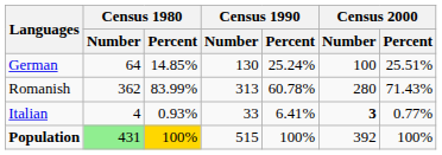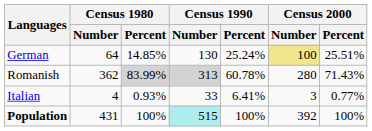 <table class="wikitable">
 <tr ---->
 <th rowspan="2">Languages</th>
 <th colspan="2">Census 1980</th>
 <th colspan="2">Census 1990</th>
 <th colspan="2">Census 2000</th>
 </tr>
 <tr ---->
 <th>Number</th>
 <th>Percent</th>
 <th>Number</th>
 <th>Percent</th>
 <th>Number</th>
 <th>Percent</th>
 </tr>
 <tr ---->
 <td><a href='#'>German</a></td>
 <td align=right>64</td>
 <td align=right>14.85%</td>
 <td align=right>130</td>
 <td align=right>25.24%</td>
-<td align=right>100</td>
+<td align=right style="background: khaki;">100</td>
 <td align=right>25.51%</td>
 </tr>
 <tr ---->
 <td>Romanish</td>
 <td align=right>362</td>
-<td align=right>83.99%</td>
-<td align=right>313</td>
+<td align=right style="background: lightgrey;">83.99%</td>
+<td align=right style="background: lightgrey;">313</td>
 <td align=right>60.78%</td>
 <td align=right>280</td>
 <td align=right>71.43%</td>
 </tr>
 <tr ---->
 <td><a href='#'>Italian</a></td>
 <td align=right>4</td>
 <td align=right>0.93%</td>
 <td align=right>33</td>
 <td align=right>6.41%</td>
-<td align=right><strong>3</strong></td>
+<td align=right>3</td>
 <td align=right>0.77%</td>
 </tr>
 <tr ---->
 <td><strong>Population</strong></td>
-<td align=right style="background: lightgreen;">431</td>
-<td align=right style="background: gold;">100%</td>
-<td align=right>515</td>
+<td align=right>431</td>
+<td align=right>100%</td>
+<td align=right style="background: paleturquoise;">515</td>
 <td align=right>100%</td>
 <td align=right>392</td>
 <td align=right>100%</td>
 </tr>
 </table>
